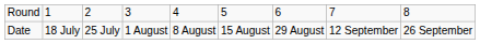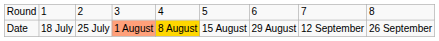 <table class="wikitable">
 <tr>
 <td>Round</td>
 <td>1</td>
 <td>2</td>
 <td>3</td>
 <td>4</td>
 <td>5</td>
 <td>6</td>
 <td>7</td>
 <td>8</td>
 </tr>
 <tr>
 <td>Date</td>
 <td>18 July</td>
 <td>25 July</td>
-<td>1 August</td>
-<td>8 August</td>
+<td style="background: lightsalmon;">1 August</td>
+<td style="background: gold;">8 August</td>
 <td>15 August</td>
 <td>29 August</td>
 <td>12 September</td>
 <td>26 September</td>
 </tr>
 </table>
